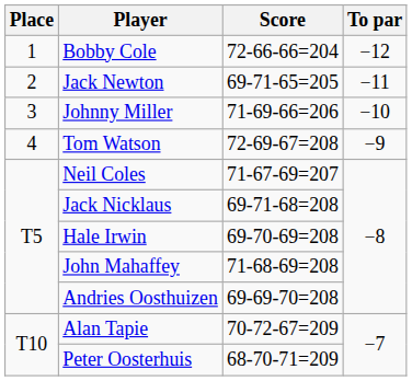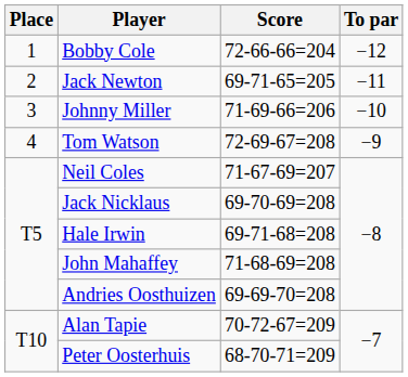 <table class="wikitable">
 <tr>
 <th>Place</th>
 <th>Player</th>
 <th>Score</th>
 <th>To par</th>
 </tr>
 <tr>
 <td align=center>1</td>
 <td> <a href='#'>Bobby Cole</a></td>
 <td align=center>72-66-66=204</td>
 <td align=center>−12</td>
 </tr>
 <tr>
 <td align=center>2</td>
 <td> <a href='#'>Jack Newton</a></td>
 <td align=center>69-71-65=205</td>
 <td align=center>−11</td>
 </tr>
 <tr>
 <td align=center>3</td>
 <td> <a href='#'>Johnny Miller</a></td>
 <td align=center>71-69-66=206</td>
 <td align=center>−10</td>
 </tr>
 <tr>
 <td align=center>4</td>
 <td> <a href='#'>Tom Watson</a></td>
 <td align=center>72-69-67=208</td>
 <td align=center>−9</td>
 </tr>
 <tr>
 <td rowspan="5" align=center>T5</td>
 <td> <a href='#'>Neil Coles</a></td>
 <td align=center>71-67-69=207</td>
 <td rowspan="5" align=center>−8</td>
 </tr>
 <tr>
 <td> <a href='#'>Jack Nicklaus</a></td>
-<td align=center>69-71-68=208</td>
+<td align=center>69-70-69=208</td>
 </tr>
 <tr>
 <td> <a href='#'>Hale Irwin</a></td>
-<td align=center>69-70-69=208</td>
+<td align=center>69-71-68=208</td>
 </tr>
 <tr>
 <td> <a href='#'>John Mahaffey</a></td>
 <td align=center>71-68-69=208</td>
 </tr>
 <tr>
 <td> <a href='#'>Andries Oosthuizen</a></td>
 <td align=center>69-69-70=208</td>
 </tr>
 <tr>
 <td rowspan="2" align=center>T10</td>
 <td> <a href='#'>Alan Tapie</a></td>
 <td align=center>70-72-67=209</td>
 <td rowspan="2" align=center>−7</td>
 </tr>
 <tr>
 <td> <a href='#'>Peter Oosterhuis</a></td>
 <td align=center>68-70-71=209</td>
 </tr>
 </table>
